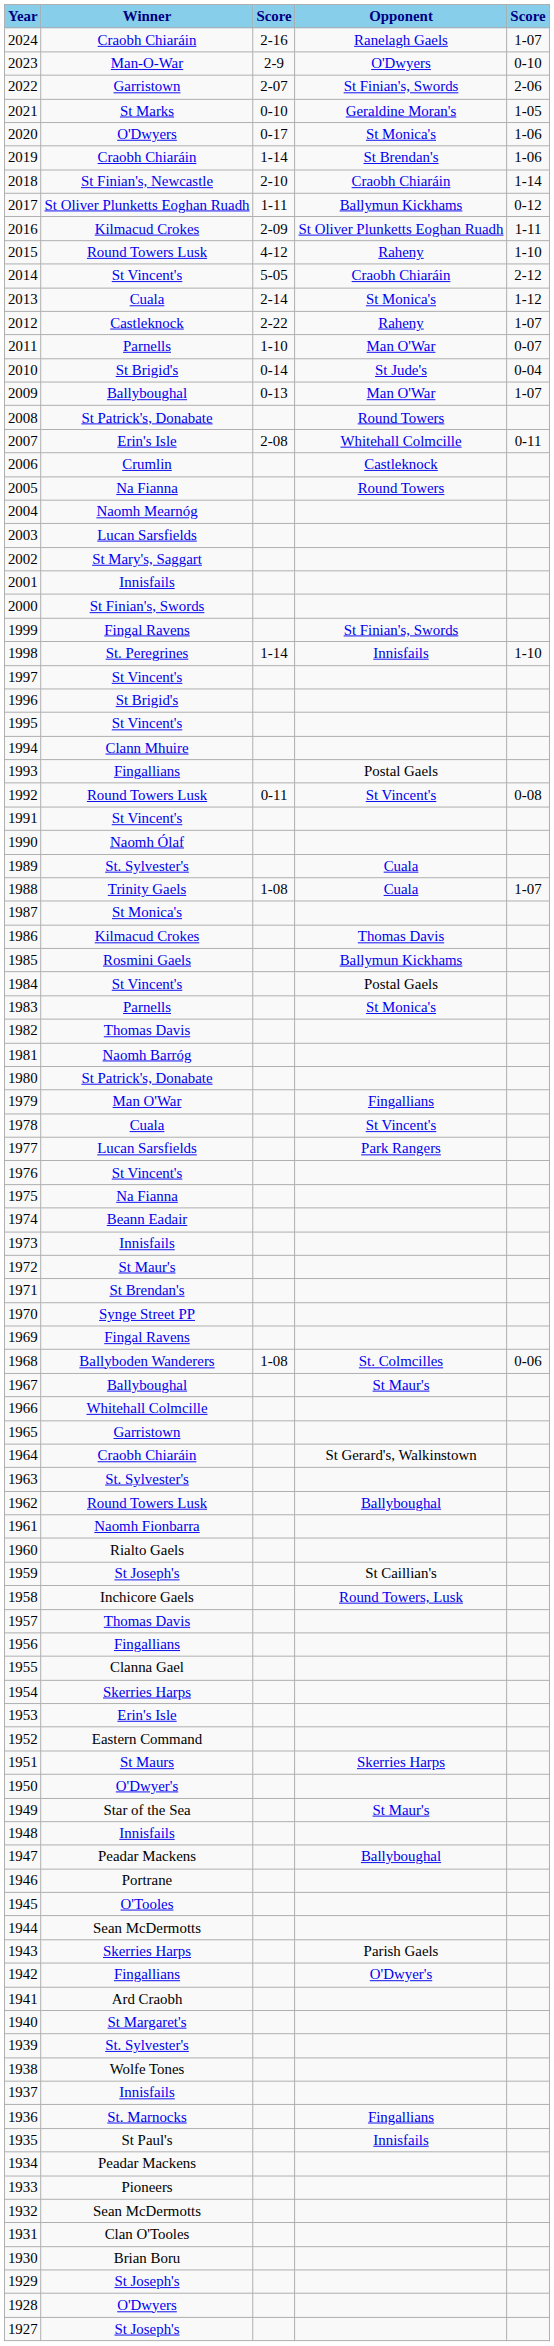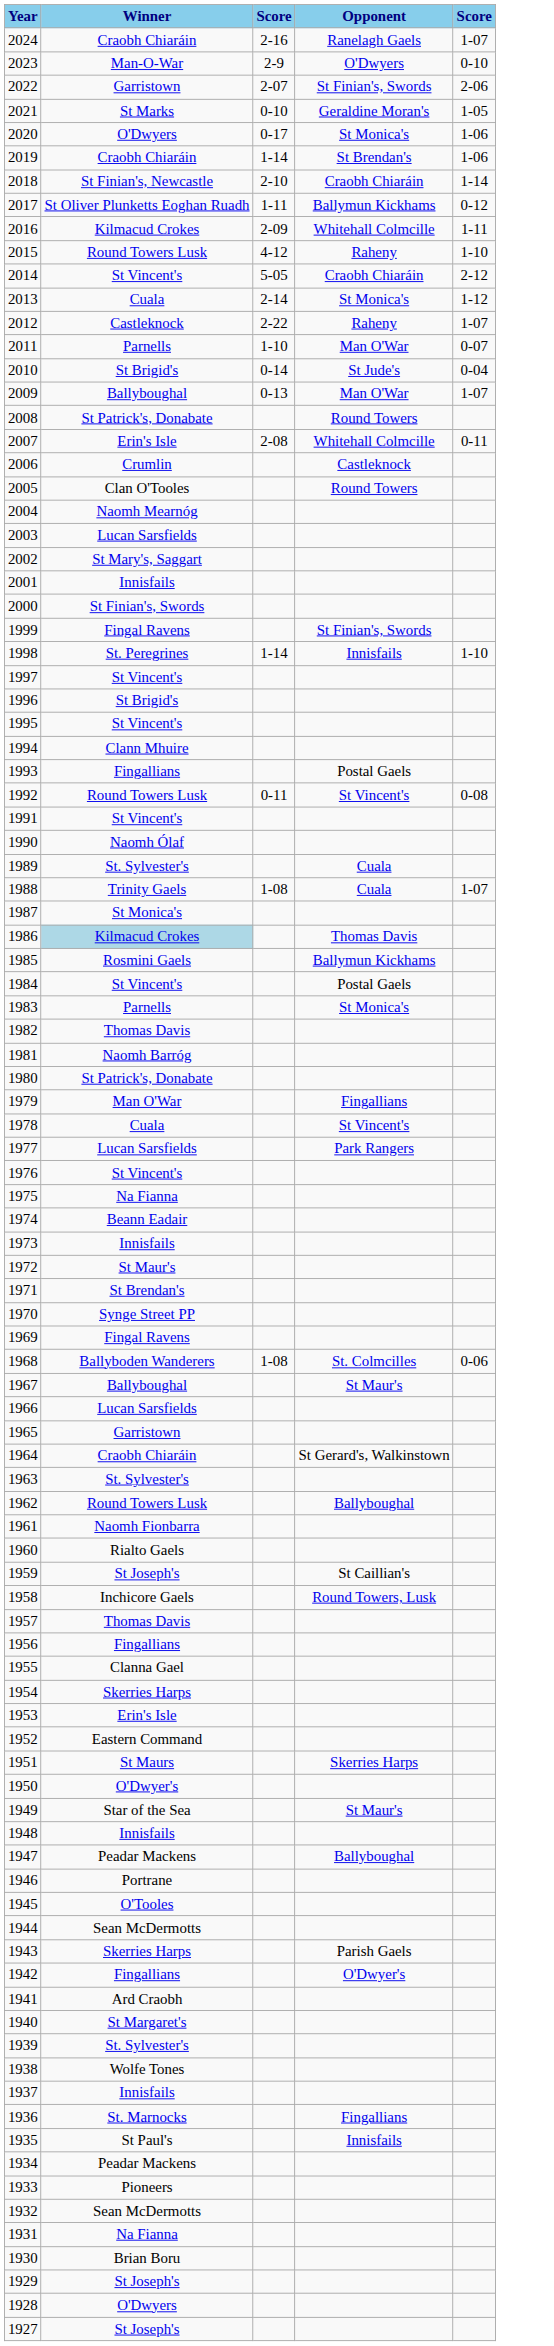 <table class="wikitable" style="text-align:center;">
 <tr>
 <th style="background:skyblue;color:navy;">Year</th>
 <th style="background:skyblue;color:navy;">Winner</th>
 <th style="background:skyblue;color:navy;">Score</th>
 <th style="background:skyblue;color:navy;">Opponent</th>
 <th style="background:skyblue;color:navy;">Score</th>
 </tr>
 <tr>
 <td>2024</td>
 <td><a href='#'>Craobh Chiaráin</a></td>
 <td>2-16</td>
 <td><a href='#'>Ranelagh Gaels</a></td>
 <td>1-07</td>
 </tr>
 <tr>
 <td>2023</td>
 <td><a href='#'>Man-O-War</a></td>
 <td>2-9</td>
 <td><a href='#'>O'Dwyers</a></td>
 <td>0-10</td>
 </tr>
 <tr>
 <td>2022</td>
 <td><a href='#'>Garristown</a></td>
 <td>2-07</td>
 <td><a href='#'>St Finian's, Swords</a></td>
 <td>2-06</td>
 </tr>
 <tr>
 <td>2021</td>
 <td><a href='#'>St Marks</a></td>
 <td>0-10</td>
 <td><a href='#'>Geraldine Moran's</a></td>
 <td>1-05</td>
 </tr>
 <tr>
 <td>2020</td>
 <td><a href='#'>O'Dwyers</a></td>
 <td>0-17</td>
 <td><a href='#'>St Monica's</a></td>
 <td>1-06</td>
 </tr>
 <tr>
 <td>2019</td>
 <td><a href='#'>Craobh Chiaráin</a></td>
 <td>1-14</td>
 <td><a href='#'>St Brendan's</a></td>
 <td>1-06</td>
 </tr>
 <tr>
 <td>2018</td>
 <td><a href='#'>St Finian's, Newcastle</a></td>
 <td>2-10</td>
 <td><a href='#'>Craobh Chiaráin</a></td>
 <td>1-14</td>
 </tr>
 <tr>
 <td>2017</td>
 <td><a href='#'>St Oliver Plunketts Eoghan Ruadh</a></td>
 <td>1-11</td>
 <td><a href='#'>Ballymun Kickhams</a></td>
 <td>0-12</td>
 </tr>
 <tr>
 <td>2016</td>
 <td><a href='#'>Kilmacud Crokes</a></td>
 <td>2-09</td>
-<td><a href='#'>St Oliver Plunketts Eoghan Ruadh</a></td>
+<td><a href='#'>Whitehall Colmcille</a></td>
 <td>1-11</td>
 </tr>
 <tr>
 <td>2015</td>
 <td><a href='#'>Round Towers Lusk</a></td>
 <td>4-12</td>
 <td><a href='#'>Raheny</a></td>
 <td>1-10</td>
 </tr>
 <tr>
 <td>2014</td>
 <td><a href='#'>St Vincent's</a></td>
 <td>5-05</td>
 <td><a href='#'>Craobh Chiaráin</a></td>
 <td>2-12</td>
 </tr>
 <tr>
 <td>2013</td>
 <td><a href='#'>Cuala</a></td>
 <td>2-14</td>
 <td><a href='#'>St Monica's</a></td>
 <td>1-12</td>
 </tr>
 <tr>
 <td>2012</td>
 <td><a href='#'>Castleknock</a></td>
 <td>2-22</td>
 <td><a href='#'>Raheny</a></td>
 <td>1-07</td>
 </tr>
 <tr>
 <td>2011</td>
 <td><a href='#'>Parnells</a></td>
 <td>1-10</td>
 <td><a href='#'>Man O'War</a></td>
 <td>0-07</td>
 </tr>
 <tr>
 <td>2010</td>
 <td><a href='#'>St Brigid's</a></td>
 <td>0-14</td>
 <td><a href='#'>St Jude's</a></td>
 <td>0-04</td>
 </tr>
 <tr>
 <td>2009</td>
 <td><a href='#'>Ballyboughal</a></td>
 <td>0-13</td>
 <td><a href='#'>Man O'War</a></td>
 <td>1-07</td>
 </tr>
 <tr>
 <td>2008</td>
 <td><a href='#'>St Patrick's, Donabate</a></td>
 <td></td>
 <td><a href='#'>Round Towers</a></td>
 <td></td>
 </tr>
 <tr>
 <td>2007</td>
 <td><a href='#'>Erin's Isle</a></td>
 <td>2-08</td>
 <td><a href='#'>Whitehall Colmcille</a></td>
 <td>0-11</td>
 </tr>
 <tr>
 <td>2006</td>
 <td><a href='#'>Crumlin</a></td>
 <td></td>
 <td><a href='#'>Castleknock</a></td>
 <td></td>
 </tr>
 <tr>
 <td>2005</td>
-<td><a href='#'>Na Fianna</a></td>
+<td>Clan O'Tooles</td>
 <td></td>
 <td><a href='#'>Round Towers</a></td>
 <td></td>
 </tr>
 <tr>
 <td>2004</td>
 <td><a href='#'>Naomh Mearnóg</a></td>
 <td></td>
 <td></td>
 <td></td>
 </tr>
 <tr>
 <td>2003</td>
 <td><a href='#'>Lucan Sarsfields</a></td>
 <td></td>
 <td></td>
 <td></td>
 </tr>
 <tr>
 <td>2002</td>
 <td><a href='#'>St Mary's, Saggart</a></td>
 <td></td>
 <td></td>
 <td></td>
 </tr>
 <tr>
 <td>2001</td>
 <td><a href='#'>Innisfails</a></td>
 <td></td>
 <td></td>
 <td></td>
 </tr>
 <tr>
 <td>2000</td>
 <td><a href='#'>St Finian's, Swords</a></td>
 <td></td>
 <td></td>
 <td></td>
 </tr>
 <tr>
 <td>1999</td>
 <td><a href='#'>Fingal Ravens</a></td>
 <td></td>
 <td><a href='#'>St Finian's, Swords</a></td>
 <td></td>
 </tr>
 <tr>
 <td>1998</td>
 <td><a href='#'>St. Peregrines</a></td>
 <td>1-14</td>
 <td><a href='#'>Innisfails</a></td>
 <td>1-10</td>
 </tr>
 <tr>
 <td>1997</td>
 <td><a href='#'>St Vincent's</a></td>
 <td></td>
 <td></td>
 <td></td>
 </tr>
 <tr>
 <td>1996</td>
 <td><a href='#'>St Brigid's</a></td>
 <td></td>
 <td></td>
 <td></td>
 </tr>
 <tr>
 <td>1995</td>
 <td><a href='#'>St Vincent's</a></td>
 <td></td>
 <td></td>
 <td></td>
 </tr>
 <tr>
 <td>1994</td>
 <td><a href='#'>Clann Mhuire</a></td>
 <td></td>
 <td></td>
 <td></td>
 </tr>
 <tr>
 <td>1993</td>
 <td><a href='#'>Fingallians</a></td>
 <td></td>
 <td>Postal Gaels</td>
 <td></td>
 </tr>
 <tr>
 <td>1992</td>
 <td><a href='#'>Round Towers Lusk</a></td>
 <td>0-11</td>
 <td><a href='#'>St Vincent's</a></td>
 <td>0-08</td>
 </tr>
 <tr>
 <td>1991</td>
 <td><a href='#'>St Vincent's</a></td>
 <td></td>
 <td></td>
 <td></td>
 </tr>
 <tr>
 <td>1990</td>
 <td><a href='#'>Naomh Ólaf</a></td>
 <td></td>
 <td></td>
 <td></td>
 </tr>
 <tr>
 <td>1989</td>
 <td><a href='#'>St. Sylvester's</a></td>
 <td></td>
 <td><a href='#'>Cuala</a></td>
 <td></td>
 </tr>
 <tr>
 <td>1988</td>
 <td><a href='#'>Trinity Gaels</a></td>
 <td>1-08</td>
 <td><a href='#'>Cuala</a></td>
 <td>1-07</td>
 </tr>
 <tr>
 <td>1987</td>
 <td><a href='#'>St Monica's</a></td>
 <td></td>
 <td></td>
 <td></td>
 </tr>
 <tr>
 <td>1986</td>
-<td><a href='#'>Kilmacud Crokes</a></td>
+<td style="background: lightblue;"><a href='#'>Kilmacud Crokes</a></td>
 <td></td>
 <td><a href='#'>Thomas Davis</a></td>
 <td></td>
 </tr>
 <tr>
 <td>1985</td>
 <td><a href='#'>Rosmini Gaels</a></td>
 <td></td>
 <td><a href='#'>Ballymun Kickhams</a></td>
 <td></td>
 </tr>
 <tr>
 <td>1984</td>
 <td><a href='#'>St Vincent's</a></td>
 <td></td>
 <td>Postal Gaels</td>
 <td></td>
 </tr>
 <tr>
 <td>1983</td>
 <td><a href='#'>Parnells</a></td>
 <td></td>
 <td><a href='#'>St Monica's</a></td>
 <td></td>
 </tr>
 <tr>
 <td>1982</td>
 <td><a href='#'>Thomas Davis</a></td>
 <td></td>
 <td></td>
 <td></td>
 </tr>
 <tr>
 <td>1981</td>
 <td><a href='#'>Naomh Barróg</a></td>
 <td></td>
 <td></td>
 <td></td>
 </tr>
 <tr>
 <td>1980</td>
 <td><a href='#'>St Patrick's, Donabate</a></td>
 <td></td>
 <td></td>
 <td></td>
 </tr>
 <tr>
 <td>1979</td>
 <td><a href='#'>Man O'War</a></td>
 <td></td>
 <td><a href='#'>Fingallians</a></td>
 <td></td>
 </tr>
 <tr>
 <td>1978</td>
 <td><a href='#'>Cuala</a></td>
 <td></td>
 <td><a href='#'>St Vincent's</a></td>
 <td></td>
 </tr>
 <tr>
 <td>1977</td>
 <td><a href='#'>Lucan Sarsfields</a></td>
 <td></td>
 <td><a href='#'>Park Rangers</a></td>
 <td></td>
 </tr>
 <tr>
 <td>1976</td>
 <td><a href='#'>St Vincent's</a></td>
 <td></td>
 <td></td>
 <td></td>
 </tr>
 <tr>
 <td>1975</td>
 <td><a href='#'>Na Fianna</a></td>
 <td></td>
 <td></td>
 <td></td>
 </tr>
 <tr>
 <td>1974</td>
 <td><a href='#'>Beann Eadair</a></td>
 <td></td>
 <td></td>
 <td></td>
 </tr>
 <tr>
 <td>1973</td>
 <td><a href='#'>Innisfails</a></td>
 <td></td>
 <td></td>
 <td></td>
 </tr>
 <tr>
 <td>1972</td>
 <td><a href='#'>St Maur's</a></td>
 <td></td>
 <td></td>
 <td></td>
 </tr>
 <tr>
 <td>1971</td>
 <td><a href='#'>St Brendan's</a></td>
 <td></td>
 <td></td>
 <td></td>
 </tr>
 <tr>
 <td>1970</td>
 <td><a href='#'>Synge Street PP</a></td>
 <td></td>
 <td></td>
 <td></td>
 </tr>
 <tr>
 <td>1969</td>
 <td><a href='#'>Fingal Ravens</a></td>
 <td></td>
 <td></td>
 <td></td>
 </tr>
 <tr>
 <td>1968</td>
 <td><a href='#'>Ballyboden Wanderers</a></td>
 <td>1-08</td>
 <td><a href='#'>St. Colmcilles</a></td>
 <td>0-06</td>
 </tr>
 <tr>
 <td>1967</td>
 <td><a href='#'>Ballyboughal</a></td>
 <td></td>
 <td><a href='#'>St Maur's</a></td>
 <td></td>
 </tr>
 <tr>
 <td>1966</td>
-<td><a href='#'>Whitehall Colmcille</a></td>
+<td><a href='#'>Lucan Sarsfields</a></td>
 <td></td>
 <td></td>
 <td></td>
 </tr>
 <tr>
 <td>1965</td>
 <td><a href='#'>Garristown</a></td>
 <td></td>
 <td></td>
 <td></td>
 </tr>
 <tr>
 <td>1964</td>
 <td><a href='#'>Craobh Chiaráin</a></td>
 <td></td>
 <td>St Gerard's, Walkinstown</td>
 <td></td>
 </tr>
 <tr>
 <td>1963</td>
 <td><a href='#'>St. Sylvester's</a></td>
 <td></td>
 <td></td>
 <td></td>
 </tr>
 <tr>
 <td>1962</td>
 <td><a href='#'>Round Towers Lusk</a></td>
 <td></td>
 <td><a href='#'>Ballyboughal</a></td>
 <td></td>
 </tr>
 <tr>
 <td>1961</td>
 <td><a href='#'>Naomh Fionbarra</a></td>
 <td></td>
 <td></td>
 <td></td>
 </tr>
 <tr>
 <td>1960</td>
 <td>Rialto Gaels</td>
 <td></td>
 <td></td>
 <td></td>
 </tr>
 <tr>
 <td>1959</td>
 <td><a href='#'>St Joseph's</a></td>
 <td></td>
 <td>St Caillian's</td>
 <td></td>
 </tr>
 <tr>
 <td>1958</td>
 <td>Inchicore Gaels</td>
 <td></td>
 <td><a href='#'>Round Towers, Lusk</a></td>
 <td></td>
 </tr>
 <tr>
 <td>1957</td>
 <td><a href='#'>Thomas Davis</a></td>
 <td></td>
 <td></td>
 <td></td>
 </tr>
 <tr>
 <td>1956</td>
 <td><a href='#'>Fingallians</a></td>
 <td></td>
 <td></td>
 <td></td>
 </tr>
 <tr>
 <td>1955</td>
 <td>Clanna Gael</td>
 <td></td>
 <td></td>
 <td></td>
 </tr>
 <tr>
 <td>1954</td>
 <td><a href='#'>Skerries Harps</a></td>
 <td></td>
 <td></td>
 <td></td>
 </tr>
 <tr>
 <td>1953</td>
 <td><a href='#'>Erin's Isle</a></td>
 <td></td>
 <td></td>
 <td></td>
 </tr>
 <tr>
 <td>1952</td>
 <td>Eastern Command</td>
 <td></td>
 <td></td>
 <td></td>
 </tr>
 <tr>
 <td>1951</td>
 <td><a href='#'>St Maurs</a></td>
 <td></td>
 <td><a href='#'>Skerries Harps</a></td>
 <td></td>
 </tr>
 <tr>
 <td>1950</td>
 <td><a href='#'>O'Dwyer's</a></td>
 <td></td>
 <td></td>
 <td></td>
 </tr>
 <tr>
 <td>1949</td>
 <td>Star of the Sea</td>
 <td></td>
 <td><a href='#'>St Maur's</a></td>
 <td></td>
 </tr>
 <tr>
 <td>1948</td>
 <td><a href='#'>Innisfails</a></td>
 <td></td>
 <td></td>
 <td></td>
 </tr>
 <tr>
 <td>1947</td>
 <td>Peadar Mackens</td>
 <td></td>
 <td><a href='#'>Ballyboughal</a></td>
 <td></td>
 </tr>
 <tr>
 <td>1946</td>
 <td>Portrane</td>
 <td></td>
 <td></td>
 <td></td>
 </tr>
 <tr>
 <td>1945</td>
 <td><a href='#'>O'Tooles</a></td>
 <td></td>
 <td></td>
 <td></td>
 </tr>
 <tr>
 <td>1944</td>
 <td>Sean McDermotts</td>
 <td></td>
 <td></td>
 <td></td>
 </tr>
 <tr>
 <td>1943</td>
 <td><a href='#'>Skerries Harps</a></td>
 <td></td>
 <td>Parish Gaels</td>
 <td></td>
 </tr>
 <tr>
 <td>1942</td>
 <td><a href='#'>Fingallians</a></td>
 <td></td>
 <td><a href='#'>O'Dwyer's</a></td>
 <td></td>
 </tr>
 <tr>
 <td>1941</td>
 <td>Ard Craobh</td>
 <td></td>
 <td></td>
 <td></td>
 </tr>
 <tr>
 <td>1940</td>
 <td><a href='#'>St Margaret's</a></td>
 <td></td>
 <td></td>
 <td></td>
 </tr>
 <tr>
 <td>1939</td>
 <td><a href='#'>St. Sylvester's</a></td>
 <td></td>
 <td></td>
 <td></td>
 </tr>
 <tr>
 <td>1938</td>
 <td>Wolfe Tones</td>
 <td></td>
 <td></td>
 <td></td>
 </tr>
 <tr>
 <td>1937</td>
 <td><a href='#'>Innisfails</a></td>
 <td></td>
 <td></td>
 <td></td>
 </tr>
 <tr>
 <td>1936</td>
 <td><a href='#'>St. Marnocks</a></td>
 <td></td>
 <td><a href='#'>Fingallians</a></td>
 <td></td>
 </tr>
 <tr>
 <td>1935</td>
 <td>St Paul's</td>
 <td></td>
 <td><a href='#'>Innisfails</a></td>
 <td></td>
 </tr>
 <tr>
 <td>1934</td>
 <td>Peadar Mackens</td>
 <td></td>
 <td></td>
 <td></td>
 </tr>
 <tr>
 <td>1933</td>
 <td>Pioneers</td>
 <td></td>
 <td></td>
 <td></td>
 </tr>
 <tr>
 <td>1932</td>
 <td>Sean McDermotts</td>
 <td></td>
 <td></td>
 <td></td>
 </tr>
 <tr>
 <td>1931</td>
-<td>Clan O'Tooles</td>
+<td><a href='#'>Na Fianna</a></td>
 <td></td>
 <td></td>
 <td></td>
 </tr>
 <tr>
 <td>1930</td>
 <td>Brian Boru</td>
 <td></td>
 <td></td>
 <td></td>
 </tr>
 <tr>
 <td>1929</td>
 <td><a href='#'>St Joseph's</a></td>
 <td></td>
 <td></td>
 <td></td>
 </tr>
 <tr>
 <td>1928</td>
 <td><a href='#'>O'Dwyers</a></td>
 <td></td>
 <td></td>
 <td></td>
 </tr>
 <tr>
 <td>1927</td>
 <td><a href='#'>St Joseph's</a></td>
 <td></td>
 <td></td>
 <td></td>
 </tr>
 </table>
